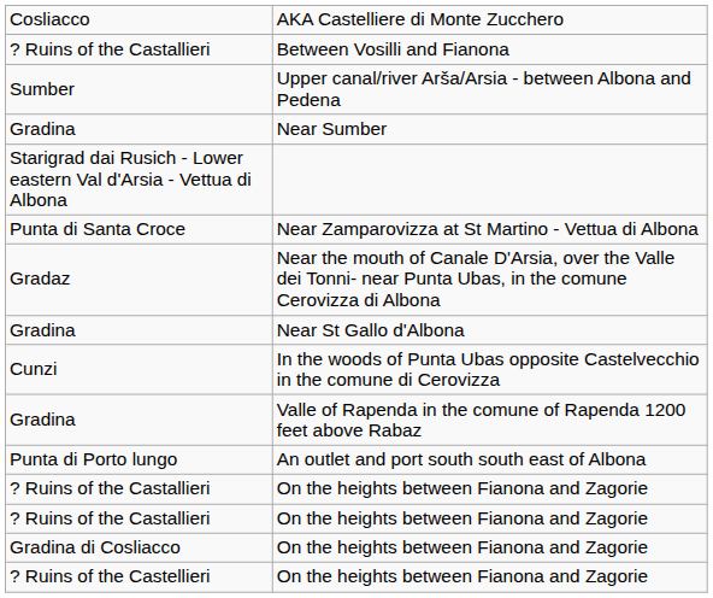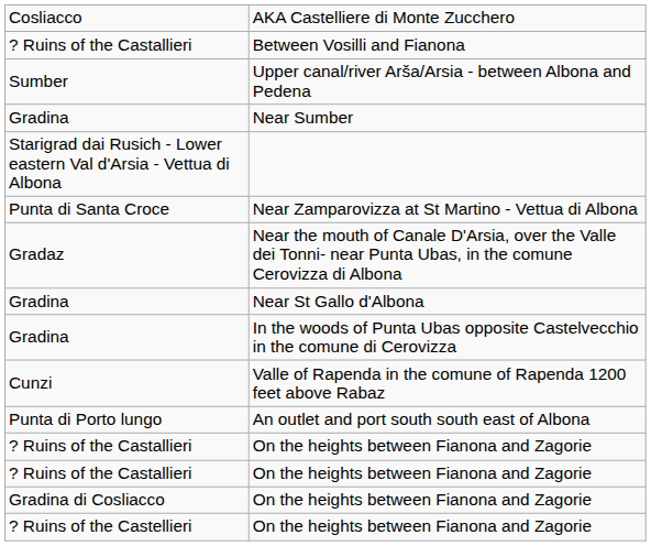 <table Class="wikitable">
 <tr>
 <td>Cosliacco</td>
 <td>AKA Castelliere di Monte Zucchero</td>
 </tr>
 <tr>
 <td>? Ruins of the Castallieri</td>
 <td>Between Vosilli and Fianona</td>
 </tr>
 <tr>
 <td>Sumber</td>
 <td>Upper canal/river Arša/Arsia - between Albona and Pedena</td>
 </tr>
 <tr>
 <td>Gradina</td>
 <td>Near Sumber</td>
 </tr>
 <tr>
 <td>Starigrad dai Rusich - Lower eastern Val d'Arsia - Vettua di Albona</td>
 <td></td>
 </tr>
 <tr>
 <td>Punta di Santa Croce</td>
 <td>Near Zamparovizza at St Martino - Vettua di Albona</td>
 </tr>
 <tr>
 <td>Gradaz</td>
 <td>Near the mouth of Canale D'Arsia, over the Valle dei Tonni- near Punta Ubas, in the comune Cerovizza di Albona</td>
 </tr>
 <tr>
 <td>Gradina</td>
 <td>Near St Gallo d'Albona</td>
 </tr>
 <tr>
-<td>Cunzi</td>
+<td>Gradina</td>
 <td>In the woods of Punta Ubas opposite Castelvecchio in the comune di Cerovizza</td>
 </tr>
 <tr>
-<td>Gradina</td>
+<td>Cunzi</td>
 <td>Valle of Rapenda in the comune of Rapenda 1200 feet above Rabaz</td>
 </tr>
 <tr>
 <td>Punta di Porto lungo</td>
 <td>An outlet and port south south east of Albona</td>
 </tr>
 <tr>
 <td>? Ruins of the Castallieri</td>
 <td>On the heights between Fianona and Zagorie</td>
 </tr>
 <tr>
 <td>? Ruins of the Castallieri</td>
 <td>On the heights between Fianona and Zagorie</td>
 </tr>
 <tr>
 <td>Gradina di Cosliacco</td>
 <td>On the heights between Fianona and Zagorie</td>
 </tr>
 <tr>
 <td>? Ruins of the Castellieri</td>
 <td>On the heights between Fianona and Zagorie</td>
 </tr>
 </table>
